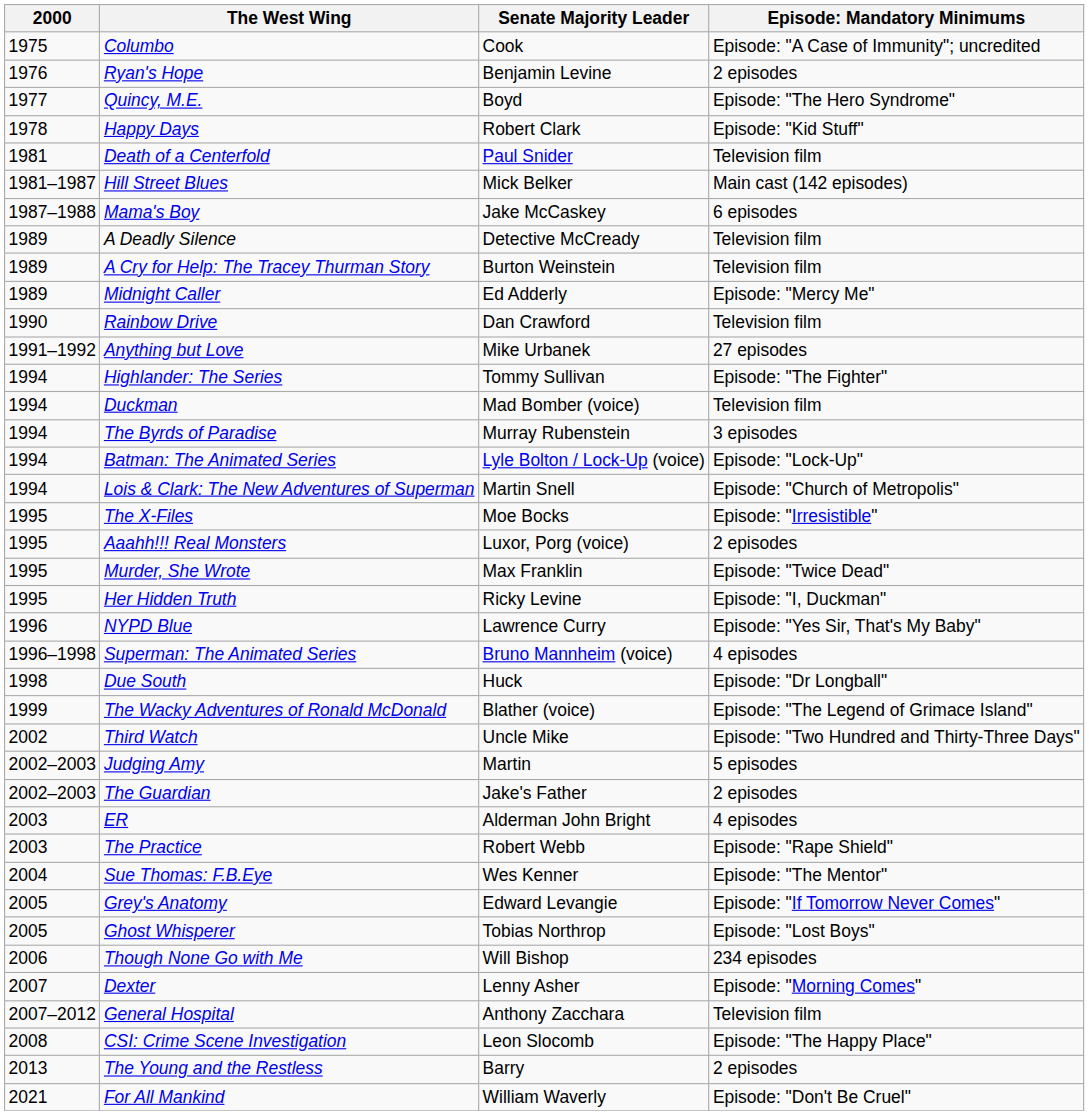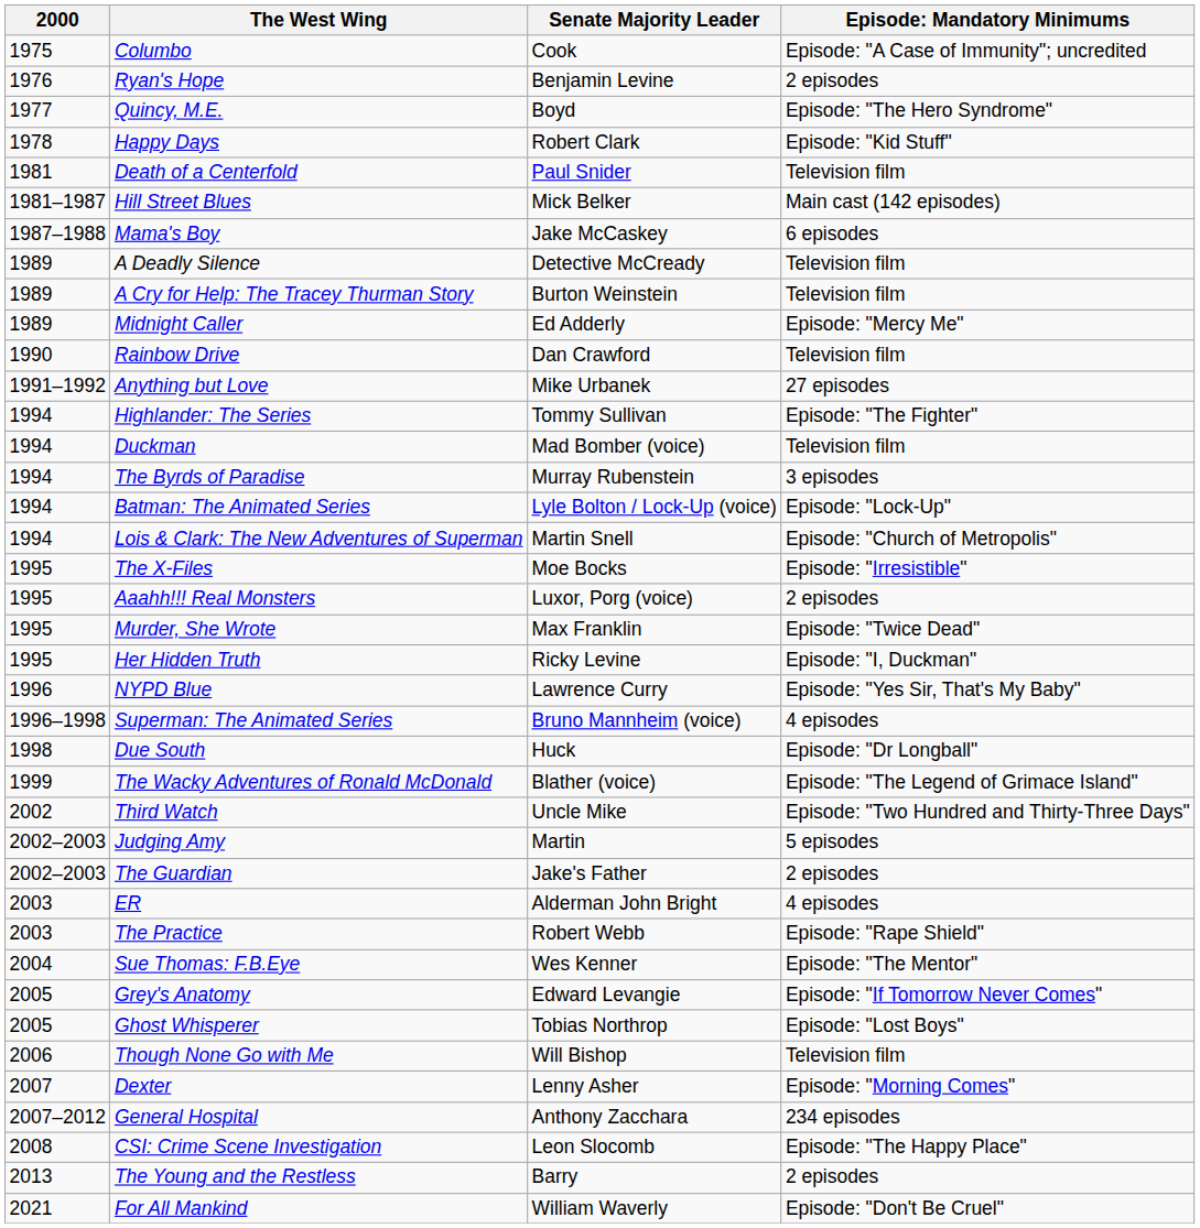 <table class="wikitable sortable">
 <tr>
 <th>2000</th>
 <th>The West Wing</th>
 <th>Senate Majority Leader</th>
 <th>Episode: Mandatory Minimums</th>
 </tr>
 <tr>
 <td>1975</td>
 <td><em><a href='#'>Columbo</a></em></td>
 <td>Cook</td>
 <td>Episode: "A Case of Immunity"; uncredited</td>
 </tr>
 <tr>
 <td>1976</td>
 <td><em><a href='#'>Ryan's Hope</a></em></td>
 <td>Benjamin Levine</td>
 <td>2 episodes</td>
 </tr>
 <tr>
 <td>1977</td>
 <td><em><a href='#'>Quincy, M.E.</a></em></td>
 <td>Boyd</td>
 <td>Episode: "The Hero Syndrome"</td>
 </tr>
 <tr>
 <td>1978</td>
 <td><em><a href='#'>Happy Days</a></em></td>
 <td>Robert Clark</td>
 <td>Episode: "Kid Stuff"</td>
 </tr>
 <tr>
 <td>1981</td>
 <td><em><a href='#'>Death of a Centerfold</a></em></td>
 <td><a href='#'>Paul Snider</a></td>
 <td>Television film</td>
 </tr>
 <tr>
 <td>1981–1987</td>
 <td><em><a href='#'>Hill Street Blues</a></em></td>
 <td>Mick Belker</td>
 <td>Main cast (142 episodes)</td>
 </tr>
 <tr>
 <td>1987–1988</td>
 <td><em><a href='#'>Mama's Boy</a></em></td>
 <td>Jake McCaskey</td>
 <td>6 episodes</td>
 </tr>
 <tr>
 <td>1989</td>
 <td><em>A Deadly Silence</em></td>
 <td>Detective McCready</td>
 <td>Television film</td>
 </tr>
 <tr>
 <td>1989</td>
 <td><em><a href='#'>A Cry for Help: The Tracey Thurman Story</a></em></td>
 <td>Burton Weinstein</td>
 <td>Television film</td>
 </tr>
 <tr>
 <td>1989</td>
 <td><em><a href='#'>Midnight Caller</a></em></td>
 <td>Ed Adderly</td>
 <td>Episode: "Mercy Me"</td>
 </tr>
 <tr>
 <td>1990</td>
 <td><em><a href='#'>Rainbow Drive</a></em></td>
 <td>Dan Crawford</td>
 <td>Television film</td>
 </tr>
 <tr>
 <td>1991–1992</td>
 <td><em><a href='#'>Anything but Love</a></em></td>
 <td>Mike Urbanek</td>
 <td>27 episodes</td>
 </tr>
 <tr>
 <td>1994</td>
 <td><em><a href='#'>Highlander: The Series</a></em></td>
 <td>Tommy Sullivan</td>
 <td>Episode: "The Fighter"</td>
 </tr>
 <tr>
 <td>1994</td>
 <td><em><a href='#'>Duckman</a></em></td>
 <td>Mad Bomber (voice)</td>
 <td>Television film</td>
 </tr>
 <tr>
 <td>1994</td>
 <td><em><a href='#'>The Byrds of Paradise</a></em></td>
 <td>Murray Rubenstein</td>
 <td>3 episodes</td>
 </tr>
 <tr>
 <td>1994</td>
 <td><em><a href='#'>Batman: The Animated Series</a></em></td>
 <td><a href='#'>Lyle Bolton / Lock-Up</a> (voice)</td>
 <td>Episode: "Lock-Up"</td>
 </tr>
 <tr>
 <td>1994</td>
 <td><em><a href='#'>Lois & Clark: The New Adventures of Superman</a></em></td>
 <td>Martin Snell</td>
 <td>Episode: "Church of Metropolis"</td>
 </tr>
 <tr>
 <td>1995</td>
 <td><em><a href='#'>The X-Files</a></em></td>
 <td>Moe Bocks</td>
 <td>Episode: "<a href='#'>Irresistible</a>"</td>
 </tr>
 <tr>
 <td>1995</td>
 <td><em><a href='#'>Aaahh!!! Real Monsters</a></em></td>
 <td>Luxor, Porg (voice)</td>
 <td>2 episodes</td>
 </tr>
 <tr>
 <td>1995</td>
 <td><em><a href='#'>Murder, She Wrote</a></em></td>
 <td>Max Franklin</td>
 <td>Episode: "Twice Dead"</td>
 </tr>
 <tr>
 <td>1995</td>
 <td><em><a href='#'>Her Hidden Truth</a></em></td>
 <td>Ricky Levine</td>
 <td>Episode: "I, Duckman"</td>
 </tr>
 <tr>
 <td>1996</td>
 <td><em><a href='#'>NYPD Blue</a></em></td>
 <td>Lawrence Curry</td>
 <td>Episode: "Yes Sir, That's My Baby"</td>
 </tr>
 <tr>
 <td>1996–1998</td>
 <td><em><a href='#'>Superman: The Animated Series</a></em></td>
 <td><a href='#'>Bruno Mannheim</a> (voice)</td>
 <td>4 episodes</td>
 </tr>
 <tr>
 <td>1998</td>
 <td><em><a href='#'>Due South</a></em></td>
 <td>Huck</td>
 <td>Episode: "Dr Longball"</td>
 </tr>
 <tr>
 <td>1999</td>
 <td><em><a href='#'>The Wacky Adventures of Ronald McDonald</a></em></td>
 <td>Blather (voice)</td>
 <td>Episode: "The Legend of Grimace Island"</td>
 </tr>
 <tr>
 <td>2002</td>
 <td><em><a href='#'>Third Watch</a></em></td>
 <td>Uncle Mike</td>
 <td>Episode: "Two Hundred and Thirty-Three Days"</td>
 </tr>
 <tr>
 <td>2002–2003</td>
 <td><em><a href='#'>Judging Amy</a></em></td>
 <td>Martin</td>
 <td>5 episodes</td>
 </tr>
 <tr>
 <td>2002–2003</td>
 <td><em><a href='#'>The Guardian</a></em></td>
 <td>Jake's Father</td>
 <td>2 episodes</td>
 </tr>
 <tr>
 <td>2003</td>
 <td><em><a href='#'>ER</a></em></td>
 <td>Alderman John Bright</td>
 <td>4 episodes</td>
 </tr>
 <tr>
 <td>2003</td>
 <td><em><a href='#'>The Practice</a></em></td>
 <td>Robert Webb</td>
 <td>Episode: "Rape Shield"</td>
 </tr>
 <tr>
 <td>2004</td>
 <td><em><a href='#'>Sue Thomas: F.B.Eye</a></em></td>
 <td>Wes Kenner</td>
 <td>Episode: "The Mentor"</td>
 </tr>
 <tr>
 <td>2005</td>
 <td><em><a href='#'>Grey's Anatomy</a></em></td>
 <td>Edward Levangie</td>
 <td>Episode: "<a href='#'>If Tomorrow Never Comes</a>"</td>
 </tr>
 <tr>
 <td>2005</td>
 <td><em><a href='#'>Ghost Whisperer</a></em></td>
 <td>Tobias Northrop</td>
 <td>Episode: "Lost Boys"</td>
 </tr>
 <tr>
 <td>2006</td>
 <td><em><a href='#'>Though None Go with Me</a></em></td>
 <td>Will Bishop</td>
-<td>234 episodes</td>
+<td>Television film</td>
 </tr>
 <tr>
 <td>2007</td>
 <td><em><a href='#'>Dexter</a></em></td>
 <td>Lenny Asher</td>
 <td>Episode: "<a href='#'>Morning Comes</a>"</td>
 </tr>
 <tr>
 <td>2007–2012</td>
 <td><em><a href='#'>General Hospital</a></em></td>
 <td>Anthony Zacchara</td>
-<td>Television film</td>
+<td>234 episodes</td>
 </tr>
 <tr>
 <td>2008</td>
 <td><em><a href='#'>CSI: Crime Scene Investigation</a></em></td>
 <td>Leon Slocomb</td>
 <td>Episode: "The Happy Place"</td>
 </tr>
 <tr>
 <td>2013</td>
 <td><em><a href='#'>The Young and the Restless</a></em></td>
 <td>Barry</td>
 <td>2 episodes</td>
 </tr>
 <tr>
 <td>2021</td>
 <td><em><a href='#'>For All Mankind</a></em></td>
 <td>William Waverly</td>
 <td>Episode: "Don't Be Cruel"</td>
 </tr>
 </table>
